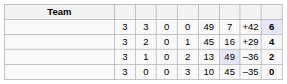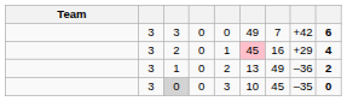 <table class="wikitable" style="text-align: center; font-size:90% ">
 <tr>
 <th width="160">Team</th>
 <th width="25"></th>
 <th width="25"></th>
 <th width="25"></th>
 <th width="25"></th>
 <th width="25"></th>
 <th width="25"></th>
 <th width="25"></th>
 <th width="25"></th>
 </tr>
 <tr>
 <td align="left"></td>
 <td>3</td>
 <td>3</td>
 <td>0</td>
 <td>0</td>
 <td>49</td>
 <td>7</td>
 <td>+42</td>
-<td style="background: lavender;"><strong>6</strong></td>
+<td><strong>6</strong></td>
 </tr>
 <tr>
 <td align="left"></td>
 <td>3</td>
 <td>2</td>
 <td>0</td>
 <td>1</td>
-<td>45</td>
+<td style="background: pink;">45</td>
 <td>16</td>
 <td>+29</td>
 <td><strong>4</strong></td>
 </tr>
 <tr>
 <td align="left"></td>
 <td>3</td>
 <td>1</td>
 <td>0</td>
 <td>2</td>
 <td>13</td>
-<td style="background: lavender;">49</td>
+<td>49</td>
 <td>–36</td>
 <td><strong>2</strong></td>
 </tr>
 <tr>
 <td align="left"></td>
 <td>3</td>
-<td>0</td>
+<td style="background: lightgrey;">0</td>
 <td>0</td>
 <td>3</td>
 <td>10</td>
 <td>45</td>
 <td>–35</td>
 <td><strong>0</strong></td>
 </tr>
 </table>
